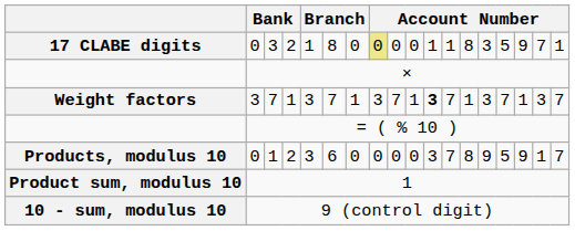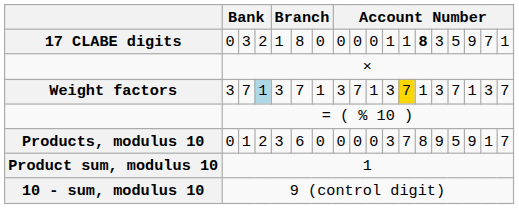 <table class="wikitable" border="1">
 <tr>
 <th></th>
 <th colspan=3>Bank</th>
 <th colspan=3>Branch</th>
 <th colspan=11>Account Number</th>
 </tr>
 <tr>
 <th>17 CLABE digits</th>
 <td>0</td>
 <td>3</td>
 <td>2</td>
 <td>1</td>
 <td>8</td>
 <td>0</td>
-<td style="background: khaki;">0</td>
+<td>0</td>
 <td>0</td>
 <td>0</td>
 <td>1</td>
 <td>1</td>
-<td>8</td>
+<td><strong>8</strong></td>
 <td>3</td>
 <td>5</td>
 <td>9</td>
 <td>7</td>
 <td>1</td>
 </tr>
 <tr>
 <td></td>
 <td colspan=17 align=center>×</td>
 </tr>
 <tr>
 <th>Weight factors</th>
 <td>3</td>
 <td>7</td>
-<td>1</td>
+<td style="background: lightblue;">1</td>
 <td>3</td>
 <td>7</td>
 <td>1</td>
 <td>3</td>
 <td>7</td>
 <td>1</td>
-<td><strong>3</strong></td>
-<td>7</td>
+<td>3</td>
+<td style="background: gold;">7</td>
 <td>1</td>
 <td>3</td>
 <td>7</td>
 <td>1</td>
 <td>3</td>
 <td>7</td>
 </tr>
 <tr>
 <td></td>
 <td colspan=17 align=center>= ( % 10 )</td>
 </tr>
 <tr>
 <th>Products, modulus 10</th>
 <td>0</td>
 <td>1</td>
 <td>2</td>
 <td>3</td>
 <td>6</td>
 <td>0</td>
 <td>0</td>
 <td>0</td>
 <td>0</td>
 <td>3</td>
 <td>7</td>
 <td>8</td>
 <td>9</td>
 <td>5</td>
 <td>9</td>
 <td>1</td>
 <td>7</td>
 </tr>
 <tr>
 <th>Product sum, modulus 10</th>
 <td colspan=17 align=center>1</td>
 </tr>
 <tr>
 <th>10 - sum, modulus 10</th>
 <td colspan=17 align=center>9 (control digit)</td>
 </tr>
 </table>
